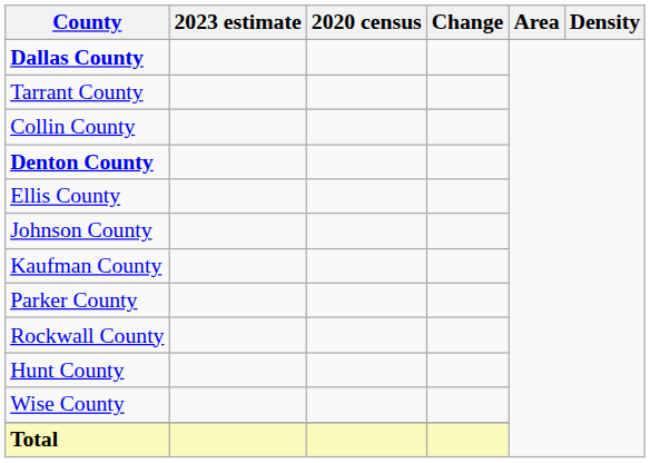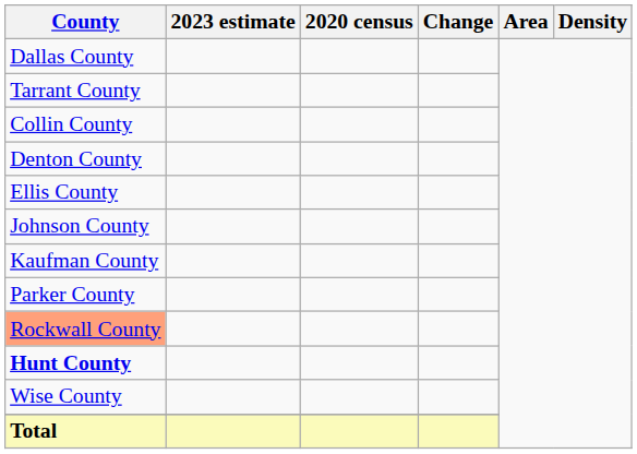 <table class="wikitable sortable">
 <tr>
 <th><a href='#'>County</a></th>
 <th>2023 estimate</th>
 <th>2020 census</th>
 <th>Change</th>
 <th>Area</th>
 <th>Density</th>
 </tr>
 <tr>
-<td><strong><a href='#'>Dallas County</a></strong></td>
+<td><a href='#'>Dallas County</a></td>
 <td></td>
 <td style="text-align:right;"></td>
 <td style="text-align:right;"></td>
 </tr>
 <tr>
 <td><a href='#'>Tarrant County</a></td>
 <td></td>
 <td style="text-align:right;"></td>
 <td style="text-align:right;"></td>
 </tr>
 <tr>
 <td><a href='#'>Collin County</a></td>
 <td></td>
 <td style="text-align:right;"></td>
 <td style="text-align:right;"></td>
 </tr>
 <tr>
-<td><strong><a href='#'>Denton County</a></strong></td>
+<td><a href='#'>Denton County</a></td>
 <td></td>
 <td style="text-align:right;"></td>
 <td style="text-align:right;"></td>
 </tr>
 <tr>
 <td><a href='#'>Ellis County</a></td>
 <td></td>
 <td style="text-align:right;"></td>
 <td style="text-align:right;"></td>
 </tr>
 <tr>
 <td><a href='#'>Johnson County</a></td>
 <td></td>
 <td style="text-align:right;"></td>
 <td style="text-align:right;"></td>
 </tr>
 <tr>
 <td><a href='#'>Kaufman County</a></td>
 <td></td>
 <td style="text-align:right;"></td>
 <td style="text-align:right;"></td>
 </tr>
 <tr>
 <td><a href='#'>Parker County</a></td>
 <td></td>
 <td style="text-align:right;"></td>
 <td style="text-align:right;"></td>
 </tr>
 <tr>
-<td><a href='#'>Rockwall County</a></td>
+<td style="background: lightsalmon;"><a href='#'>Rockwall County</a></td>
 <td></td>
 <td style="text-align:right;"></td>
 <td style="text-align:right;"></td>
 </tr>
 <tr>
-<td><a href='#'>Hunt County</a></td>
+<td><strong><a href='#'>Hunt County</a></strong></td>
 <td></td>
 <td style="text-align:right;"></td>
 <td style="text-align:right;"></td>
 </tr>
 <tr>
 <td><a href='#'>Wise County</a></td>
 <td></td>
 <td style="text-align:right;"></td>
 <td style="text-align:right;"></td>
 </tr>
 <tr>
 </tr>
 <tr class="sortbottom" style="background:#fbfbbb">
 <td><strong>Total</strong></td>
 <td></td>
 <td style="text-align:right;background-color:#fbfbbb;"></td>
 <td style="text-align:right;background-color:#fbfbbb;"></td>
 </tr>
 </table>
